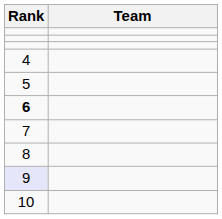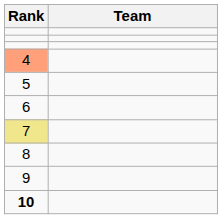 <table class="wikitable" style="text-align:center;">
 <tr>
 <th>Rank</th>
 <th width="175">Team</th>
 </tr>
 <tr>
 <td></td>
 <td align="left"></td>
 </tr>
 <tr>
 <td></td>
 <td align="left"></td>
 </tr>
 <tr>
 <td></td>
 <td align="left"></td>
 </tr>
 <tr>
-<td>4</td>
+<td style="background: lightsalmon;">4</td>
 <td align="left"></td>
 </tr>
 <tr>
 <td>5</td>
 <td align="left"></td>
 </tr>
 <tr>
-<td><strong>6</strong></td>
+<td>6</td>
 <td align="left"></td>
 </tr>
 <tr>
-<td>7</td>
+<td style="background: khaki;">7</td>
 <td align="left"></td>
 </tr>
 <tr>
 <td>8</td>
 <td align="left"></td>
 </tr>
 <tr>
-<td style="background: lavender;">9</td>
+<td>9</td>
 <td align="left"></td>
 </tr>
 <tr>
-<td>10</td>
+<td><strong>10</strong></td>
 <td align="left"></td>
 </tr>
 </table>
